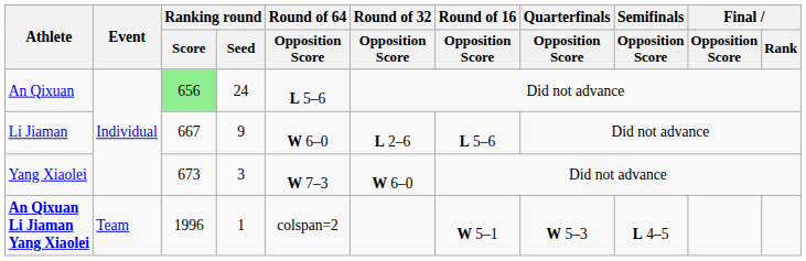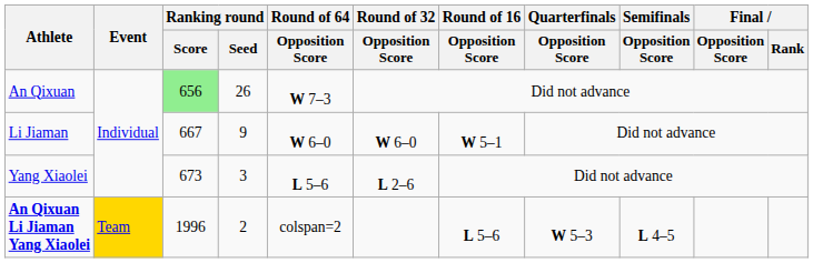 <table class="wikitable" style="font-size:90%; text-align:center">
 <tr>
 <th rowspan=2>Athlete</th>
 <th rowspan=2>Event</th>
 <th colspan="2">Ranking round</th>
 <th>Round of 64</th>
 <th>Round of 32</th>
 <th>Round of 16</th>
 <th>Quarterfinals</th>
 <th>Semifinals</th>
 <th colspan="2">Final / </th>
 </tr>
 <tr style="font-size:95%">
 <th>Score</th>
 <th>Seed</th>
 <th>Opposition<br>Score</th>
 <th>Opposition<br>Score</th>
 <th>Opposition<br>Score</th>
 <th>Opposition<br>Score</th>
 <th>Opposition<br>Score</th>
 <th>Opposition<br>Score</th>
 <th>Rank</th>
 </tr>
 <tr>
 <td align=left><a href='#'>An Qixuan</a></td>
 <td align=left rowspan=3><a href='#'>Individual</a></td>
 <td style="background: lightgreen;">656</td>
-<td>24</td>
-<td><br><strong>L</strong> 5–6</td>
+<td>26</td>
+<td><br><strong>W</strong> 7–3</td>
 <td colspan=6>Did not advance</td>
 </tr>
 <tr>
 <td align=left><a href='#'>Li Jiaman</a></td>
 <td>667</td>
 <td>9</td>
 <td><br><strong>W</strong> 6–0</td>
-<td><br><strong>L</strong> 2–6</td>
-<td><br><strong>L</strong> 5–6</td>
+<td><br><strong>W</strong> 6–0</td>
+<td><br><strong>W</strong> 5–1</td>
 <td colspan=4>Did not advance</td>
 </tr>
 <tr>
 <td align=left><a href='#'>Yang Xiaolei</a></td>
 <td>673</td>
 <td>3</td>
-<td><br><strong>W</strong> 7–3</td>
-<td><br><strong>W</strong> 6–0</td>
+<td><br><strong>L</strong> 5–6</td>
+<td><br><strong>L</strong> 2–6</td>
 <td colspan=5>Did not advance</td>
 </tr>
 <tr align=center>
 <td align=left><strong><a href='#'>An Qixuan</a><br><a href='#'>Li Jiaman</a><br><a href='#'>Yang Xiaolei</a></strong></td>
-<td align=left><a href='#'>Team</a></td>
+<td align=left style="background: gold;"><a href='#'>Team</a></td>
 <td>1996</td>
-<td>1</td>
+<td>2</td>
 <td>colspan=2 </td>
 <td></td>
-<td><br><strong>W</strong> 5–1</td>
+<td><br><strong>L</strong> 5–6</td>
 <td><br><strong>W</strong> 5–3</td>
 <td><br><strong>L</strong> 4–5</td>
 <td></td>
 </tr>
 </table>
